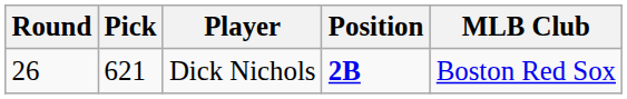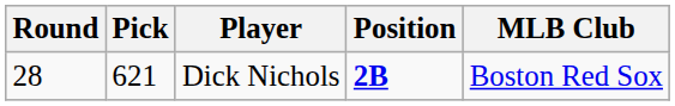 <table class="wikitable">
 <tr>
 <th>Round</th>
 <th>Pick</th>
 <th>Player</th>
 <th>Position</th>
 <th>MLB Club</th>
 </tr>
 <tr>
-<td>26</td>
+<td>28</td>
 <td>621</td>
 <td>Dick Nichols</td>
 <td><strong><a href='#'>2B</a></strong></td>
 <td><a href='#'>Boston Red Sox</a></td>
 </tr>
 </table>
